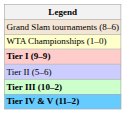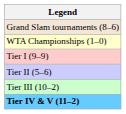 <table class="wikitable" style="font-size:90%;">
 <tr>
 <th>Legend</th>
 </tr>
 <tr>
 <td style="background:#f3e6d7;">Grand Slam tournaments (8–6)</td>
 </tr>
 <tr>
 <td style="background:#ffc;">WTA Championships (1–0)</td>
 </tr>
 <tr>
-<td bgcolor=ffcccc><strong>Tier I (9–9)</strong></td>
+<td bgcolor=ffcccc>Tier I (9–9)</td>
 </tr>
 <tr>
 <td bgcolor=ccccff>Tier II (5–6)</td>
 </tr>
 <tr>
-<td bgcolor=CCFFCC><strong>Tier III (10–2)</strong></td>
+<td bgcolor=CCFFCC>Tier III (10–2)</td>
 </tr>
 <tr>
 <td style="background:#66ccff;"><strong>Tier IV & V (11–2)</strong></td>
 </tr>
 </table>
